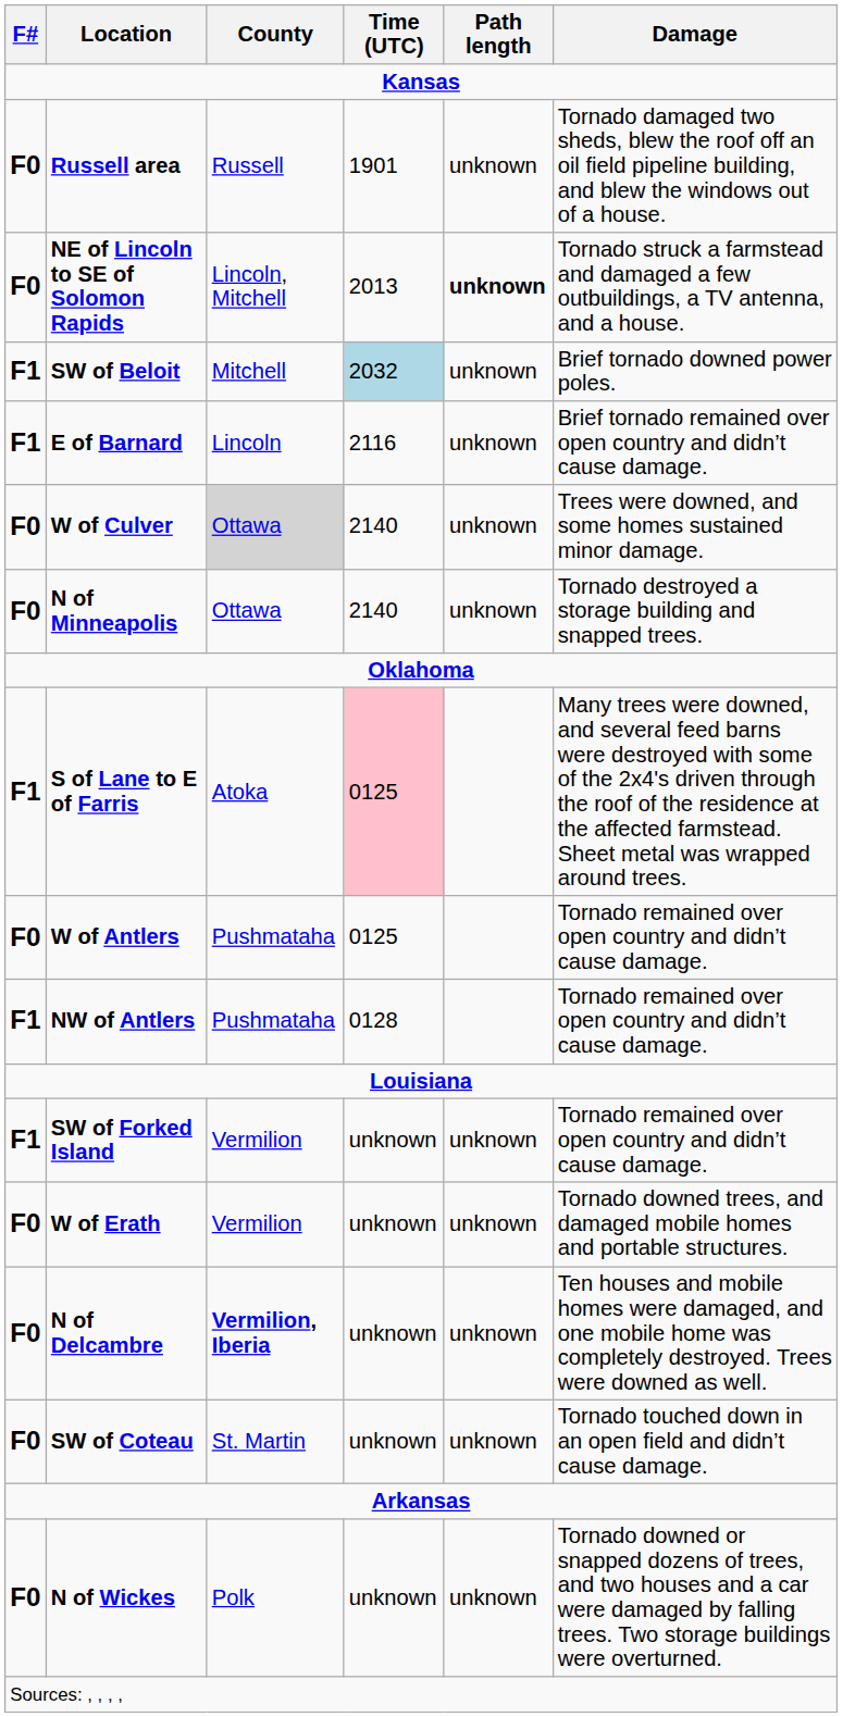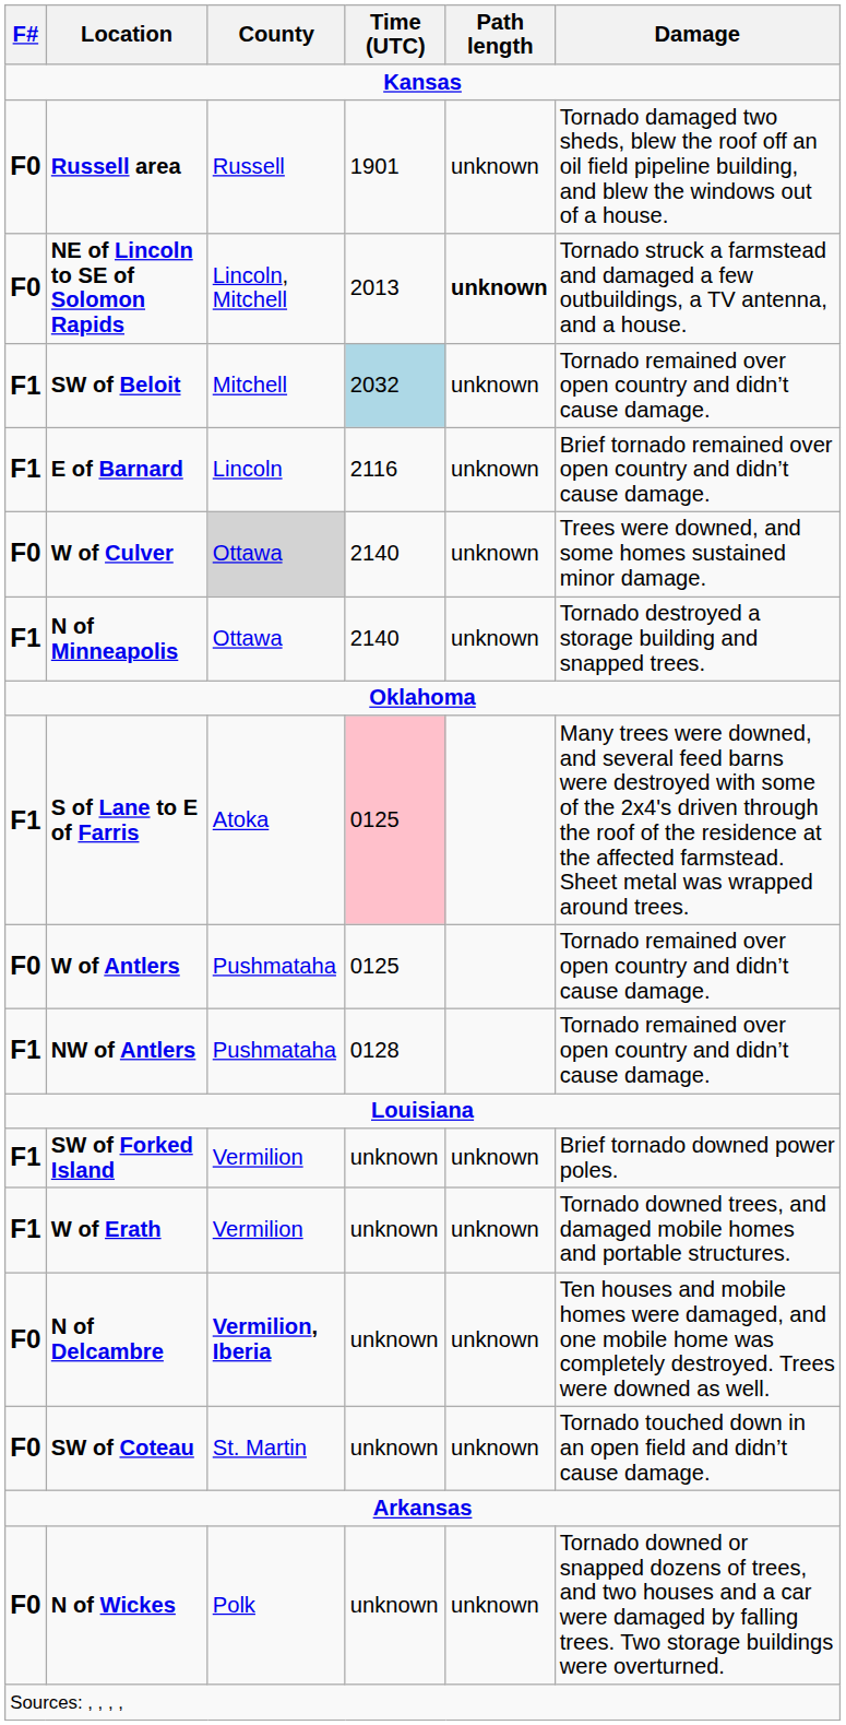 <table class="wikitable">
 <tr>
 <th><strong><a href='#'>F#</a></strong></th>
 <th><strong>Location</strong></th>
 <th><strong>County</strong></th>
 <th><strong>Time (UTC)</strong></th>
 <th><strong>Path length</strong></th>
 <th><strong>Damage</strong></th>
 </tr>
 <tr>
 <td colspan="7" align=center><strong><a href='#'>Kansas</a></strong></td>
 </tr>
 <tr>
 <td><big><strong>F0</strong></big></td>
 <td><strong><a href='#'>Russell</a> area</strong></td>
 <td><a href='#'>Russell</a></td>
 <td>1901</td>
 <td>unknown</td>
 <td>Tornado damaged two sheds, blew the roof off an oil field pipeline building, and blew the windows out of a house.</td>
 </tr>
 <tr>
 <td><big><strong>F0</strong></big></td>
 <td><strong>NE of <a href='#'>Lincoln</a> to SE of <a href='#'>Solomon Rapids</a></strong></td>
 <td><a href='#'>Lincoln</a>, <a href='#'>Mitchell</a></td>
 <td>2013</td>
 <td><strong>unknown</strong></td>
 <td>Tornado struck a farmstead and damaged a few outbuildings, a TV antenna, and a house.</td>
 </tr>
 <tr>
 <td><big><strong>F1</strong></big></td>
 <td><strong>SW of <a href='#'>Beloit</a></strong></td>
 <td><a href='#'>Mitchell</a></td>
 <td style="background: lightblue;">2032</td>
 <td>unknown</td>
-<td>Brief tornado downed power poles.</td>
+<td>Tornado remained over open country and didn’t cause damage.</td>
 </tr>
 <tr>
 <td><big><strong>F1</strong></big></td>
 <td><strong>E of <a href='#'>Barnard</a></strong></td>
 <td><a href='#'>Lincoln</a></td>
 <td>2116</td>
 <td>unknown</td>
 <td>Brief tornado remained over open country and didn’t cause damage.</td>
 </tr>
 <tr>
 <td><big><strong>F0</strong></big></td>
 <td><strong>W of <a href='#'>Culver</a></strong></td>
 <td style="background: lightgrey;"><a href='#'>Ottawa</a></td>
 <td>2140</td>
 <td>unknown</td>
 <td>Trees were downed, and some homes sustained minor damage.</td>
 </tr>
 <tr>
-<td><big><strong>F0</strong></big></td>
+<td><big><strong>F1</strong></big></td>
 <td><strong>N of <a href='#'>Minneapolis</a></strong></td>
 <td><a href='#'>Ottawa</a></td>
 <td>2140</td>
 <td>unknown</td>
 <td>Tornado destroyed a storage building and snapped trees.</td>
 </tr>
 <tr>
 <td colspan="7" align=center><strong><a href='#'>Oklahoma</a></strong></td>
 </tr>
 <tr>
 <td><big><strong>F1</strong></big></td>
 <td><strong>S of <a href='#'>Lane</a> to E of <a href='#'>Farris</a></strong></td>
 <td><a href='#'>Atoka</a></td>
 <td style="background: pink;">0125</td>
 <td></td>
 <td>Many trees were downed, and several feed barns were destroyed with some of the 2x4's driven through the roof of the residence at the affected farmstead. Sheet metal was wrapped around trees.</td>
 </tr>
 <tr>
 <td><big><strong>F0</strong></big></td>
 <td><strong>W of <a href='#'>Antlers</a></strong></td>
 <td><a href='#'>Pushmataha</a></td>
 <td>0125</td>
 <td></td>
 <td>Tornado remained over open country and didn’t cause damage.</td>
 </tr>
 <tr>
 <td><big><strong>F1</strong></big></td>
 <td><strong>NW of <a href='#'>Antlers</a></strong></td>
 <td><a href='#'>Pushmataha</a></td>
 <td>0128</td>
 <td></td>
 <td>Tornado remained over open country and didn’t cause damage.</td>
 </tr>
 <tr>
 <td colspan="7" align=center><strong><a href='#'>Louisiana</a></strong></td>
 </tr>
 <tr>
 <td><big><strong>F1</strong></big></td>
 <td><strong>SW of <a href='#'>Forked Island</a></strong></td>
 <td><a href='#'>Vermilion</a></td>
 <td>unknown</td>
 <td>unknown</td>
-<td>Tornado remained over open country and didn’t cause damage.</td>
+<td>Brief tornado downed power poles.</td>
 </tr>
 <tr>
-<td><big><strong>F0</strong></big></td>
+<td><big><strong>F1</strong></big></td>
 <td><strong>W of <a href='#'>Erath</a></strong></td>
 <td><a href='#'>Vermilion</a></td>
 <td>unknown</td>
 <td>unknown</td>
 <td>Tornado downed trees, and damaged mobile homes and portable structures.</td>
 </tr>
 <tr>
 <td><big><strong>F0</strong></big></td>
 <td><strong>N of <a href='#'>Delcambre</a></strong></td>
 <td><strong><a href='#'>Vermilion</a>, <a href='#'>Iberia</a></strong></td>
 <td>unknown</td>
 <td>unknown</td>
 <td>Ten houses and mobile homes were damaged, and one mobile home was completely destroyed. Trees were downed as well.</td>
 </tr>
 <tr>
 <td><big><strong>F0</strong></big></td>
 <td><strong>SW of <a href='#'>Coteau</a></strong></td>
 <td><a href='#'>St. Martin</a></td>
 <td>unknown</td>
 <td>unknown</td>
 <td>Tornado touched down in an open field and didn’t cause damage.</td>
 </tr>
 <tr>
 <td colspan="7" align=center><strong><a href='#'>Arkansas</a></strong></td>
 </tr>
 <tr>
 <td><big><strong>F0</strong></big></td>
 <td><strong>N of <a href='#'>Wickes</a></strong></td>
 <td><a href='#'>Polk</a></td>
 <td>unknown</td>
 <td>unknown</td>
 <td>Tornado downed or snapped dozens of trees, and two houses and a car were damaged by falling trees. Two storage buildings were overturned.</td>
 </tr>
 <tr>
 <td colspan="7"><small>Sources: , , , , </small></td>
 </tr>
 </table>
